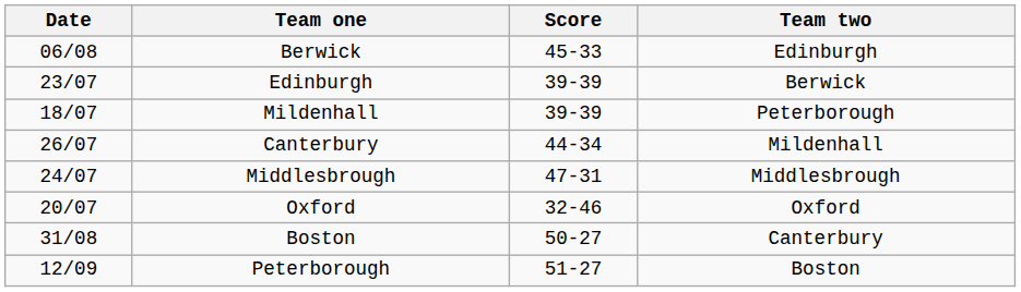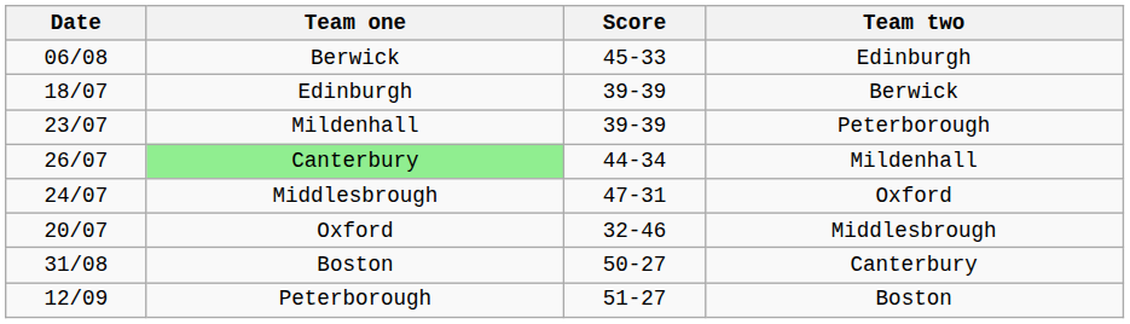 <table class="wikitable" style="text-align: center">
 <tr>
 <th width=80>Date</th>
 <th width=250>Team one</th>
 <th width=80>Score</th>
 <th width=250>Team two</th>
 </tr>
 <tr>
 <td>06/08</td>
 <td>Berwick</td>
 <td>45-33</td>
 <td>Edinburgh</td>
 </tr>
 <tr>
-<td>23/07</td>
+<td>18/07</td>
 <td>Edinburgh</td>
 <td>39-39</td>
 <td>Berwick</td>
 </tr>
 <tr>
-<td>18/07</td>
+<td>23/07</td>
 <td>Mildenhall</td>
 <td>39-39</td>
 <td>Peterborough</td>
 </tr>
 <tr>
 <td>26/07</td>
-<td>Canterbury</td>
+<td style="background: lightgreen;">Canterbury</td>
 <td>44-34</td>
 <td>Mildenhall</td>
 </tr>
 <tr>
 <td>24/07</td>
 <td>Middlesbrough</td>
 <td>47-31</td>
-<td>Middlesbrough</td>
+<td>Oxford</td>
 </tr>
 <tr>
 <td>20/07</td>
 <td>Oxford</td>
 <td>32-46</td>
-<td>Oxford</td>
+<td>Middlesbrough</td>
 </tr>
 <tr>
 <td>31/08</td>
 <td>Boston</td>
 <td>50-27</td>
 <td>Canterbury</td>
 </tr>
 <tr>
 <td>12/09</td>
 <td>Peterborough</td>
 <td>51-27</td>
 <td>Boston</td>
 </tr>
 </table>
